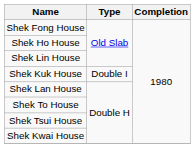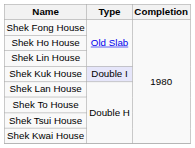 <table class="wikitable" style="text-align: center">
 <tr>
 <th>Name</th>
 <th>Type</th>
 <th>Completion</th>
 </tr>
 <tr>
 <td>Shek Fong House</td>
 <td rowspan="3"><a href='#'>Old Slab</a></td>
 <td rowspan="8">1980</td>
 </tr>
 <tr>
 <td>Shek Ho House</td>
 </tr>
 <tr>
 <td>Shek Lin House</td>
 </tr>
 <tr>
 <td>Shek Kuk House</td>
-<td rowspan="1">Double I</td>
+<td rowspan="1" style="background: lavender;">Double I</td>
 </tr>
 <tr>
 <td>Shek Lan House</td>
 <td rowspan="4">Double H</td>
 </tr>
 <tr>
 <td>Shek To House</td>
 </tr>
 <tr>
 <td>Shek Tsui House</td>
 </tr>
 <tr>
 <td>Shek Kwai House</td>
 </tr>
 <tr>
 </tr>
 </table>
